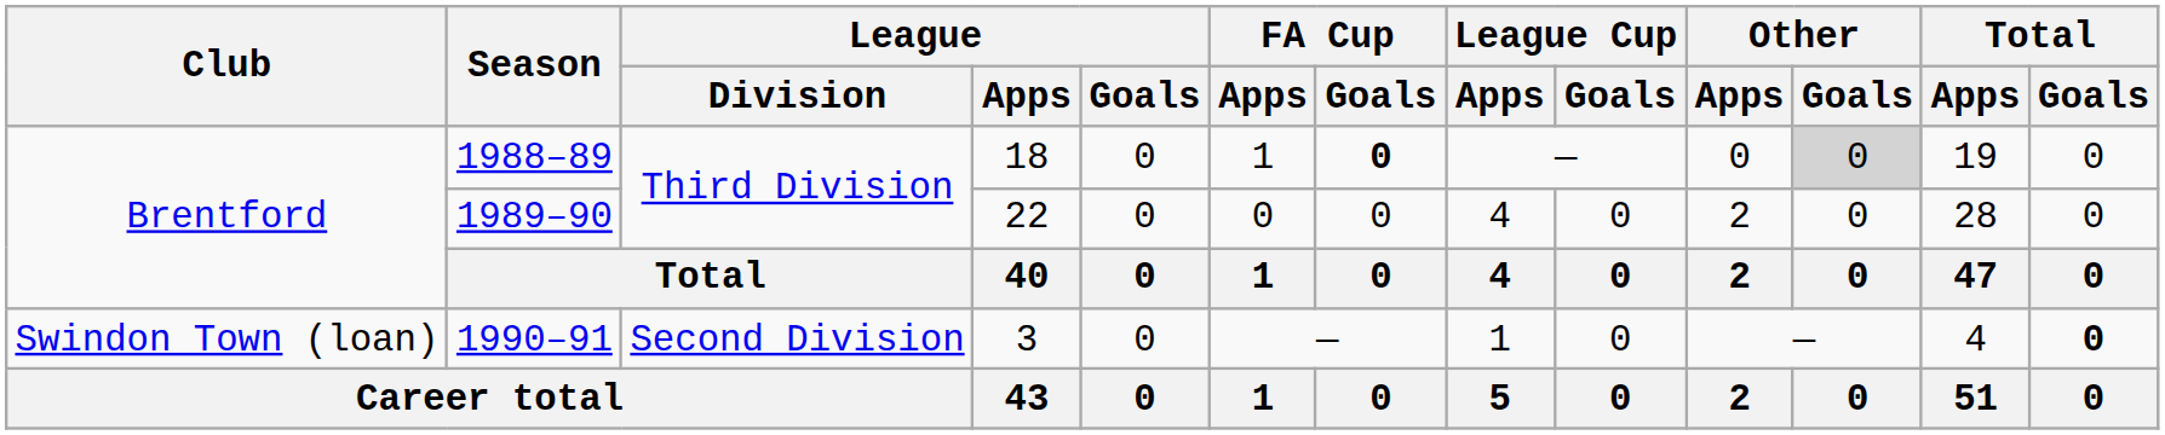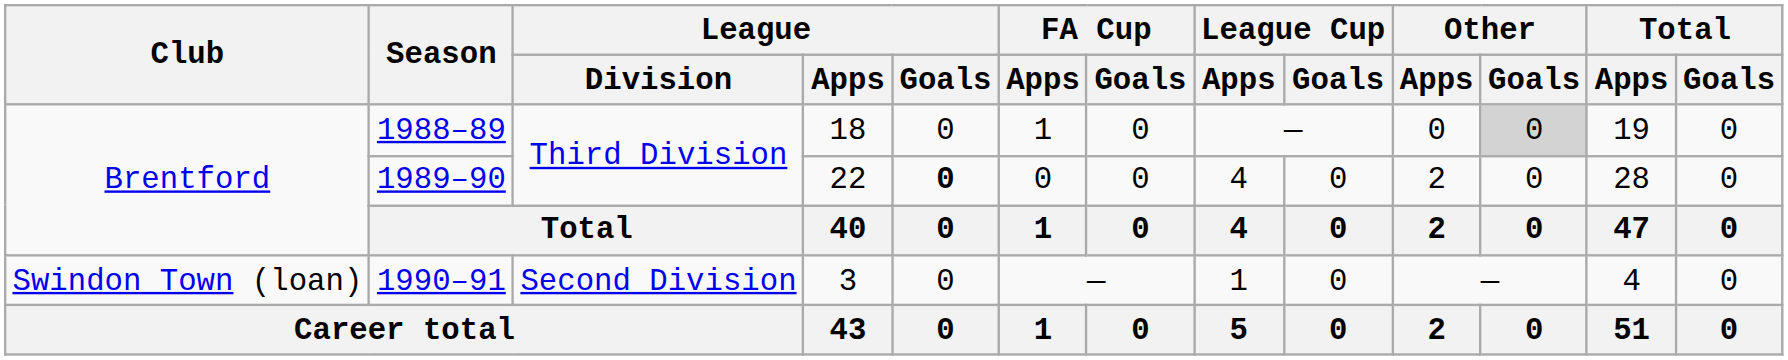 <table class="wikitable" style="text-align: center;">
 <tr>
 <th rowspan="2">Club</th>
 <th rowspan="2">Season</th>
 <th colspan="3">League</th>
 <th colspan="2">FA Cup</th>
 <th colspan="2">League Cup</th>
 <th colspan="2">Other</th>
 <th colspan="2">Total</th>
 </tr>
 <tr>
 <th>Division</th>
 <th>Apps</th>
 <th>Goals</th>
 <th>Apps</th>
 <th>Goals</th>
 <th>Apps</th>
 <th>Goals</th>
 <th>Apps</th>
 <th>Goals</th>
 <th>Apps</th>
 <th>Goals</th>
 </tr>
 <tr>
 <td rowspan="3"><a href='#'>Brentford</a></td>
 <td><a href='#'>1988–89</a></td>
 <td rowspan="2"><a href='#'>Third Division</a></td>
 <td>18</td>
 <td>0</td>
 <td>1</td>
-<td><strong>0</strong></td>
+<td>0</td>
 <td colspan="2">—</td>
 <td>0</td>
 <td style="background: lightgrey;">0</td>
 <td>19</td>
 <td>0</td>
 </tr>
 <tr>
 <td><a href='#'>1989–90</a></td>
 <td>22</td>
-<td>0</td>
+<td><strong>0</strong></td>
 <td>0</td>
 <td>0</td>
 <td>4</td>
 <td>0</td>
 <td>2</td>
 <td>0</td>
 <td>28</td>
 <td>0</td>
 </tr>
 <tr>
 <th colspan="2">Total</th>
 <th>40</th>
 <th>0</th>
 <th>1</th>
 <th>0</th>
 <th>4</th>
 <th>0</th>
 <th>2</th>
 <th>0</th>
 <th>47</th>
 <th>0</th>
 </tr>
 <tr>
 <td><a href='#'>Swindon Town</a> (loan)</td>
 <td><a href='#'>1990–91</a></td>
 <td><a href='#'>Second Division</a></td>
 <td>3</td>
 <td>0</td>
 <td colspan="2">—</td>
 <td>1</td>
 <td>0</td>
 <td colspan="2">—</td>
 <td>4</td>
-<td><strong>0</strong></td>
+<td>0</td>
 </tr>
 <tr>
 <th colspan="3">Career total</th>
 <th>43</th>
 <th>0</th>
 <th>1</th>
 <th>0</th>
 <th>5</th>
 <th>0</th>
 <th>2</th>
 <th>0</th>
 <th>51</th>
 <th>0</th>
 </tr>
 </table>
